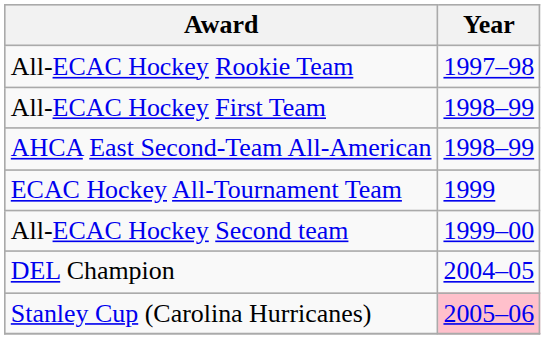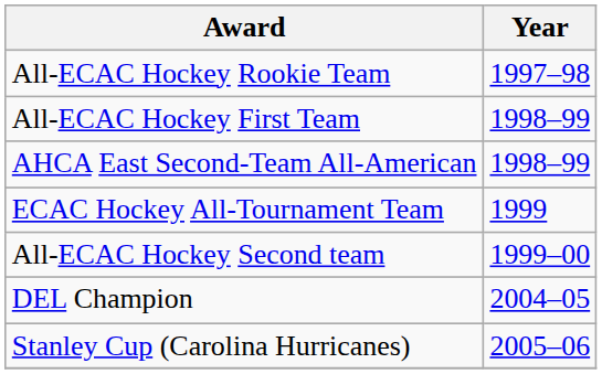 <table class="wikitable">
 <tr>
 <th>Award</th>
 <th>Year</th>
 </tr>
 <tr>
 <td>All-<a href='#'>ECAC Hockey</a> <a href='#'>Rookie Team</a></td>
 <td><a href='#'>1997–98</a></td>
 </tr>
 <tr>
 <td>All-<a href='#'>ECAC Hockey</a> <a href='#'>First Team</a></td>
 <td><a href='#'>1998–99</a></td>
 </tr>
 <tr>
 <td><a href='#'>AHCA</a> <a href='#'>East Second-Team All-American</a></td>
 <td><a href='#'>1998–99</a></td>
 </tr>
 <tr>
 <td><a href='#'>ECAC Hockey</a> <a href='#'>All-Tournament Team</a></td>
 <td><a href='#'>1999</a></td>
 </tr>
 <tr>
 <td>All-<a href='#'>ECAC Hockey</a> <a href='#'>Second team</a></td>
 <td><a href='#'>1999–00</a></td>
 </tr>
 <tr>
 <td><a href='#'>DEL</a> Champion</td>
 <td><a href='#'>2004–05</a></td>
 </tr>
 <tr>
 <td><a href='#'>Stanley Cup</a> (Carolina Hurricanes)</td>
-<td style="background: pink;"><a href='#'>2005–06</a></td>
+<td><a href='#'>2005–06</a></td>
 </tr>
 <tr>
 </tr>
 </table>
